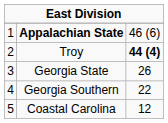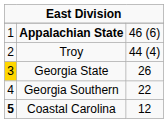 <table class="wikitable">
 <tr align="center">
 <td align="center" Colspan="3"><strong>East Division</strong></td>
 </tr>
 <tr align="center">
 </tr>
 <tr align="center">
 <td>1</td>
 <td><strong>Appalachian State</strong></td>
 <td>46 (6)</td>
 </tr>
 <tr align="center">
 <td>2</td>
 <td>Troy</td>
-<td><strong>44 (4)</strong></td>
+<td>44 (4)</td>
 </tr>
 <tr align="center">
-<td>3</td>
+<td style="background: gold;">3</td>
 <td>Georgia State</td>
 <td>26</td>
 </tr>
 <tr align="center">
 <td>4</td>
 <td>Georgia Southern</td>
 <td>22</td>
 </tr>
 <tr align="center">
-<td>5</td>
+<td><strong>5</strong></td>
 <td>Coastal Carolina</td>
 <td>12</td>
 </tr>
 </table>
